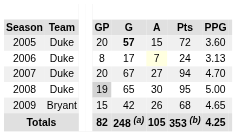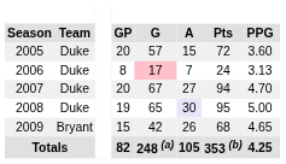 <table BORDER="0" CELLPADDING="3" CELLSPACING="0">
 <tr ALIGN="center" bgcolor="#e0e0e0">
 <th colspan="2" bgcolor="#ffffff"> </th>
 <th rowspan="99" bgcolor="#ffffff"> </th>
 <th rowspan="99" bgcolor="#ffffff"> </th>
 </tr>
 <tr ALIGN="center" bgcolor="#e0e0e0">
 <th>Season</th>
 <th>Team</th>
 <th>GP</th>
 <th>G</th>
 <th>A</th>
 <th>Pts</th>
 <th>PPG</th>
 <th></th>
 </tr>
 <tr ALIGN="center" bgcolor="#f0f0f0">
 <td>2005</td>
 <td>Duke</td>
 <td>20</td>
-<td><strong>57</strong></td>
+<td>57</td>
 <td>15</td>
 <td>72</td>
 <td>3.60</td>
 <td></td>
 </tr>
 <tr ALIGN="center">
 <td>2006</td>
 <td>Duke</td>
 <td>8</td>
-<td>17</td>
-<td style="background: lightyellow;">7</td>
+<td style="background: pink;">17</td>
+<td>7</td>
 <td>24</td>
 <td>3.13</td>
 <td></td>
 </tr>
 <tr ALIGN="center" bgcolor="#f0f0f0">
 <td>2007</td>
 <td>Duke</td>
 <td>20</td>
 <td>67</td>
 <td>27</td>
 <td>94</td>
 <td>4.70</td>
 <td></td>
 </tr>
 <tr ALIGN="center">
 <td>2008</td>
 <td>Duke</td>
-<td style="background: lightgrey;">19</td>
+<td>19</td>
 <td>65</td>
-<td>30</td>
+<td style="background: lavender;">30</td>
 <td>95</td>
 <td>5.00</td>
 <td></td>
 </tr>
 <tr ALIGN="center" bgcolor="#f0f0f0">
 <td>2009</td>
 <td>Bryant</td>
 <td>15</td>
 <td>42</td>
 <td>26</td>
 <td>68</td>
 <td>4.65</td>
 <td></td>
 </tr>
 <tr ALIGN="center" bgcolor="#e0e0e0">
 <th colspan="2">Totals</th>
 <th>82</th>
 <th>248 <sup><strong><em>(a)</em></strong></sup></th>
 <th>105</th>
 <th>353 <sup><strong><em>(b)</em></strong></sup></th>
 <th>4.25</th>
 <th></th>
 </tr>
 </table>
